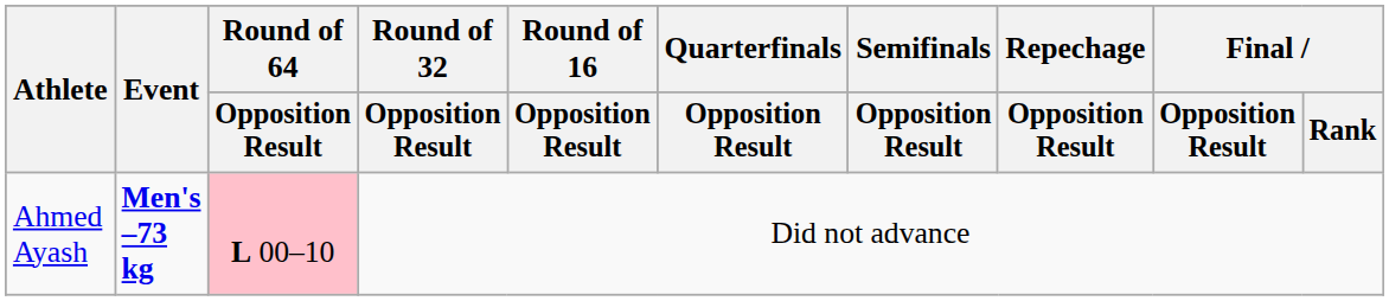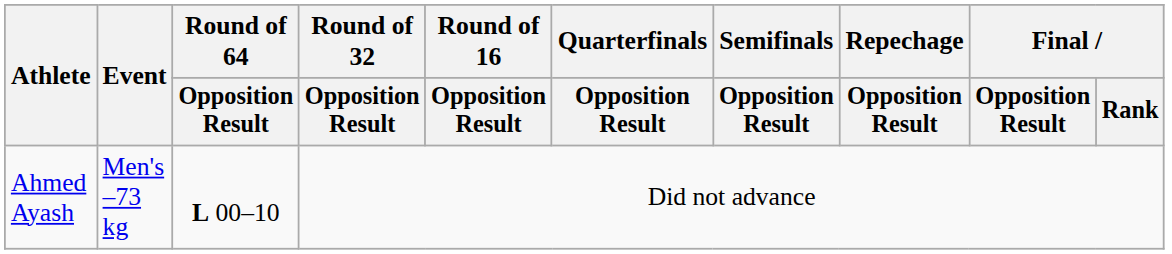 <table class="wikitable" style="font-size:90%">
 <tr>
 <th rowspan="2">Athlete</th>
 <th rowspan="2">Event</th>
 <th>Round of 64</th>
 <th>Round of 32</th>
 <th>Round of 16</th>
 <th>Quarterfinals</th>
 <th>Semifinals</th>
 <th>Repechage</th>
 <th colspan=2>Final / </th>
 </tr>
 <tr style="font-size:95%">
 <th>Opposition<br>Result</th>
 <th>Opposition<br>Result</th>
 <th>Opposition<br>Result</th>
 <th>Opposition<br>Result</th>
 <th>Opposition<br>Result</th>
 <th>Opposition<br>Result</th>
 <th>Opposition<br>Result</th>
 <th>Rank</th>
 </tr>
 <tr align=center>
 <td align=left><a href='#'>Ahmed Ayash</a></td>
-<td align=left><strong><a href='#'>Men's –73 kg</a></strong></td>
-<td style="background: pink;"><br><strong>L</strong> 00–10</td>
+<td align=left><a href='#'>Men's –73 kg</a></td>
+<td><br><strong>L</strong> 00–10</td>
 <td colspan=7>Did not advance</td>
 </tr>
 </table>
